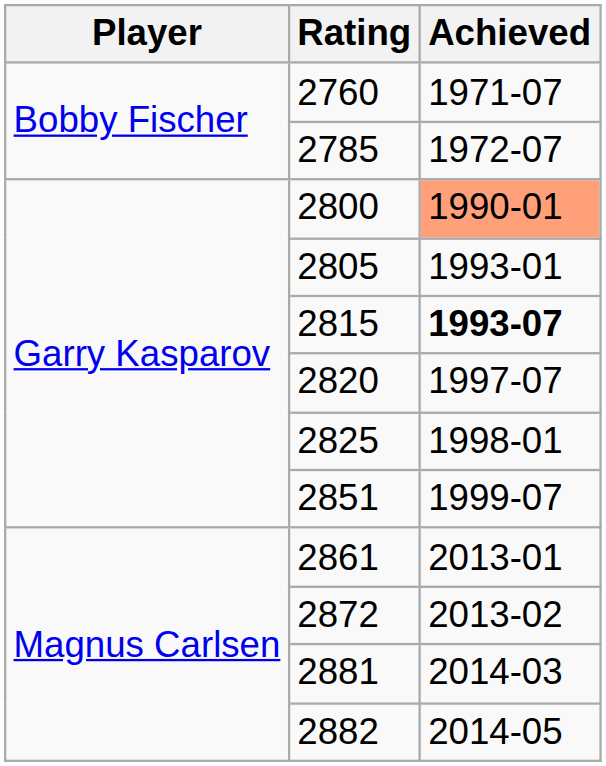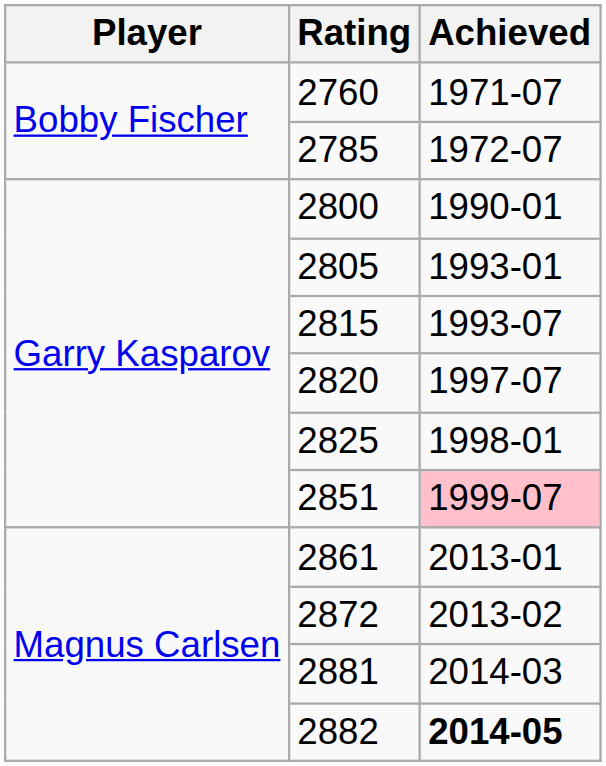 <table class="wikitable">
 <tr>
 <th>Player</th>
 <th>Rating</th>
 <th>Achieved</th>
 </tr>
 <tr>
 <td rowspan="2"><a href='#'>Bobby Fischer</a></td>
 <td>2760</td>
 <td>1971-07</td>
 </tr>
 <tr>
 <td>2785</td>
 <td>1972-07</td>
 </tr>
 <tr>
 <td rowspan="6"><a href='#'>Garry Kasparov</a></td>
 <td>2800</td>
-<td style="background: lightsalmon;">1990-01</td>
+<td>1990-01</td>
 </tr>
 <tr>
 <td>2805</td>
 <td>1993-01</td>
 </tr>
 <tr>
 <td>2815</td>
-<td><strong>1993-07</strong></td>
+<td>1993-07</td>
 </tr>
 <tr>
 <td>2820</td>
 <td>1997-07</td>
 </tr>
 <tr>
 <td>2825</td>
 <td>1998-01</td>
 </tr>
 <tr>
 <td>2851</td>
-<td>1999-07</td>
+<td style="background: pink;">1999-07</td>
 </tr>
 <tr>
 <td rowspan="4"><a href='#'>Magnus Carlsen</a></td>
 <td>2861</td>
 <td>2013-01</td>
 </tr>
 <tr>
 <td>2872</td>
 <td>2013-02</td>
 </tr>
 <tr>
 <td>2881</td>
 <td>2014-03</td>
 </tr>
 <tr>
 <td>2882</td>
-<td>2014-05</td>
+<td><strong>2014-05</strong></td>
 </tr>
 </table>
